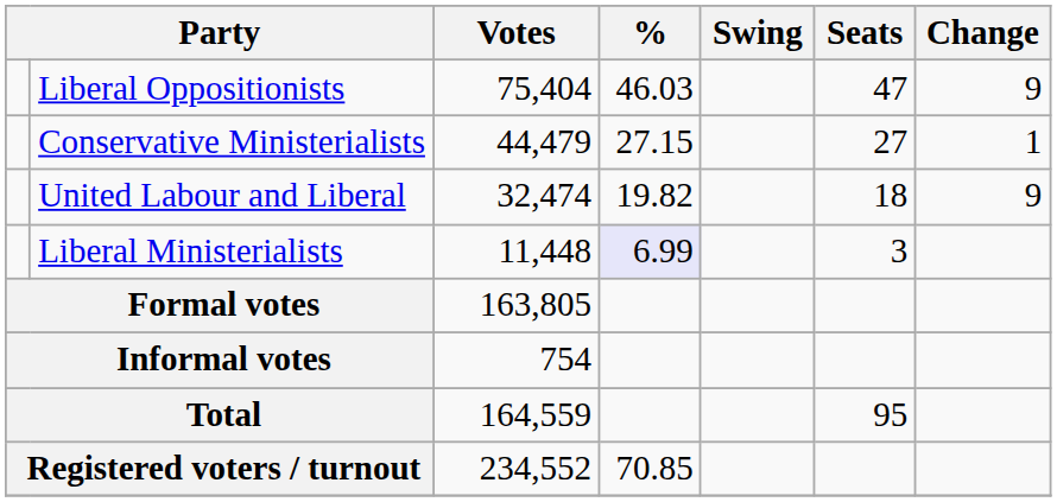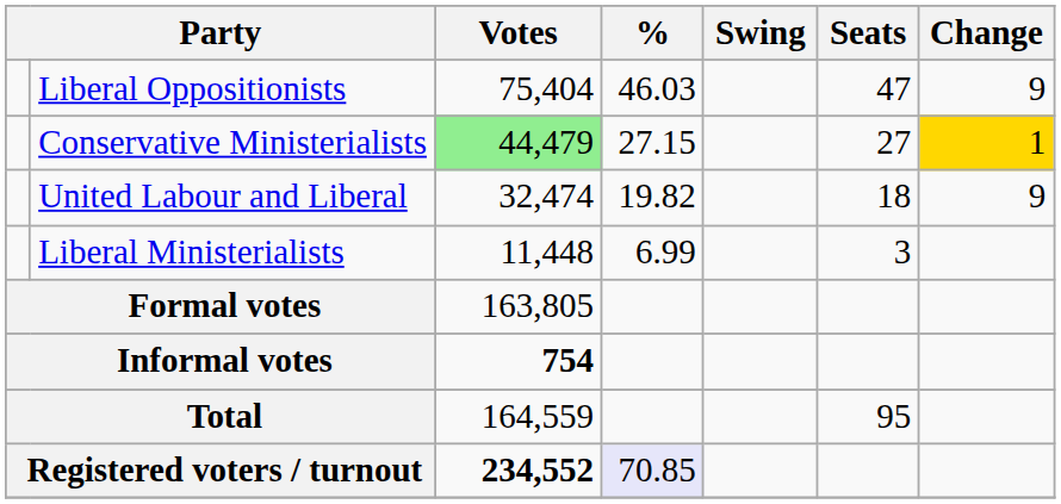 <table class="wikitable" style="text-align:right; margin-bottom:0">
 <tr>
 <th style="width:10px;" colspan=3>Party</th>
 <th style="width:70px;">Votes</th>
 <th style="width:40px;">%</th>
 <th style="width:40px;">Swing</th>
 <th style="width:40px;">Seats</th>
 <th style="width:40px;">Change</th>
 </tr>
 <tr>
 <td> </td>
 <td style="text-align:left;" colspan="2"><a href='#'>Liberal Oppositionists</a></td>
 <td style="width:70px;">75,404</td>
 <td style="width:40px;">46.03</td>
 <td style="width:45px;"></td>
 <td style="width:40px;">47</td>
 <td style="width:55px;"> 9</td>
 </tr>
 <tr>
 <td> </td>
 <td style="text-align:left;" colspan="2"><a href='#'>Conservative Ministerialists</a></td>
-<td>44,479</td>
+<td style="background: lightgreen;">44,479</td>
 <td>27.15</td>
 <td></td>
 <td>27</td>
-<td> 1</td>
+<td style="background: gold;"> 1</td>
 </tr>
 <tr>
 <td> </td>
 <td style="text-align:left;" colspan="2"><a href='#'>United Labour and Liberal</a></td>
 <td style="width:70px;">32,474</td>
 <td style="width:40px;">19.82</td>
 <td style="width:45px;"></td>
 <td style="width:40px;">18</td>
 <td style="width:55px;"> 9</td>
 </tr>
 <tr>
 <td> </td>
 <td style="text-align:left;" colspan="2"><a href='#'>Liberal Ministerialists</a></td>
 <td>11,448</td>
-<td style="background: lavender;">6.99</td>
+<td>6.99</td>
 <td></td>
 <td>3</td>
 <td></td>
 </tr>
 <tr>
 <th colspan="3"> Formal votes</th>
 <td>163,805</td>
 <td></td>
 <td></td>
 <td></td>
 <td></td>
 </tr>
 <tr>
 <th colspan="3"> Informal votes</th>
-<td>754</td>
+<td><strong>754</strong></td>
 <td></td>
 <td></td>
 <td></td>
 <td></td>
 </tr>
 <tr>
 <th colspan="3"> Total</th>
 <td>164,559</td>
 <td></td>
 <td></td>
 <td>95</td>
 <td></td>
 </tr>
 <tr>
 <th colspan="3"> Registered voters / turnout</th>
-<td>234,552</td>
-<td>70.85</td>
+<td><strong>234,552</strong></td>
+<td style="background: lavender;">70.85</td>
 <td></td>
 <td></td>
 <td></td>
 </tr>
 <tr>
 </tr>
 </table>
